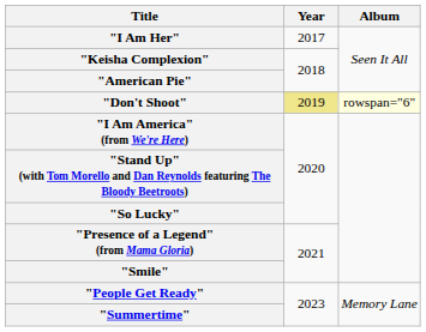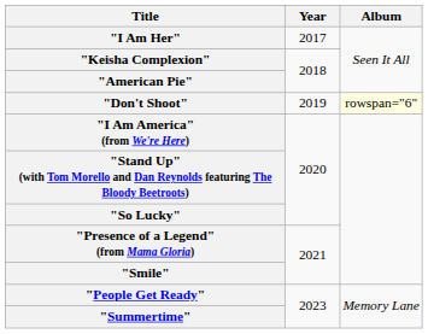 <table class="wikitable plainrowheaders" style="text-align:center;">
 <tr>
 <th scope="col" style="width:20em;">Title</th>
 <th scope="col" style="width:3.5em;">Year</th>
 <th scope="col">Album</th>
 </tr>
 <tr>
 <th scope="row">"I Am Her"</th>
 <td>2017</td>
 <td rowspan="3"><em>Seen It All</em></td>
 </tr>
 <tr>
 <th scope="row">"Keisha Complexion"</th>
 <td rowspan="2">2018</td>
 </tr>
 <tr>
 <th scope="row">"American Pie"</th>
 </tr>
 <tr>
 <th scope="row">"Don't Shoot"</th>
-<td style="background: khaki;">2019</td>
+<td>2019</td>
 <td style="background: lightyellow;">rowspan="6" </td>
 </tr>
 <tr>
 <th scope="row">"I Am America"<br><small>(from <em><a href='#'>We're Here</a></em>)</small></th>
 <td rowspan="3">2020</td>
 </tr>
 <tr>
 <th scope="row">"Stand Up"<br><small>(with <a href='#'>Tom Morello</a> and <a href='#'>Dan Reynolds</a> featuring <a href='#'>The Bloody Beetroots</a>)</small></th>
 </tr>
 <tr>
 <th scope="row">"So Lucky"</th>
 </tr>
 <tr>
 <th scope="row">"Presence of a Legend"<br><small>(from <em><a href='#'>Mama Gloria</a></em>)</small></th>
 <td rowspan="2">2021</td>
 </tr>
 <tr>
 <th scope="row">"Smile"</th>
 </tr>
 <tr>
 <th scope="row">"<a href='#'>People Get Ready</a>"</th>
 <td rowspan="2">2023</td>
 <td rowspan="2"><em>Memory Lane</em></td>
 </tr>
 <tr>
 <th scope="row">"<a href='#'>Summertime</a>"</th>
 </tr>
 </table>
